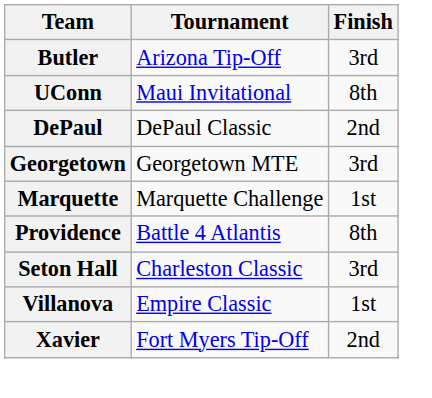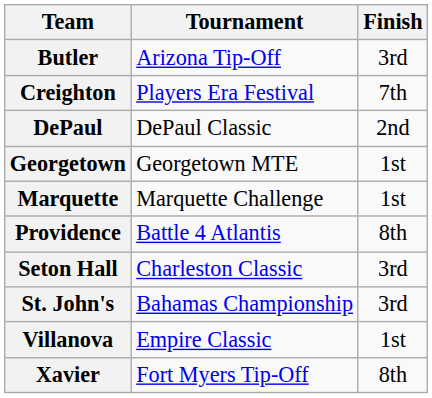 <table class="wikitable">
 <tr>
 <th>Team</th>
 <th>Tournament</th>
 <th>Finish</th>
 </tr>
 <tr>
 <th>Butler</th>
 <td><a href='#'>Arizona Tip-Off</a></td>
 <td align=center>3rd</td>
 </tr>
 <tr>
-<th>UConn</th>
-<td><a href='#'>Maui Invitational</a></td>
-<td align=center>8th</td>
+<th style=>Creighton</th>
+<td><a href='#'>Players Era Festival</a></td>
+<td align=center>7th</td>
 </tr>
 <tr>
 <th style=>DePaul</th>
 <td>DePaul Classic</td>
 <td align=center>2nd</td>
 </tr>
 <tr>
 <th style=>Georgetown</th>
 <td>Georgetown MTE</td>
-<td align=center>3rd</td>
+<td align=center>1st</td>
 </tr>
 <tr>
 <th style=>Marquette</th>
 <td>Marquette Challenge</td>
 <td align=center>1st</td>
 </tr>
 <tr>
 <th style=>Providence</th>
 <td><a href='#'>Battle 4 Atlantis</a></td>
 <td align=center>8th</td>
 </tr>
 <tr>
 <th style=>Seton Hall</th>
 <td><a href='#'>Charleston Classic</a></td>
 <td align=center>3rd</td>
 </tr>
 <tr>
+<th>St. John's</th>
+<td><a href='#'>Bahamas Championship</a></td>
+<td align=center>3rd</td>
+</tr>
+<tr>
 <th>Villanova</th>
 <td><a href='#'>Empire Classic</a></td>
 <td align=center>1st</td>
 </tr>
 <tr>
 <th style=>Xavier</th>
 <td><a href='#'>Fort Myers Tip-Off</a></td>
-<td align=center>2nd</td>
+<td align=center>8th</td>
 </tr>
 </table>
